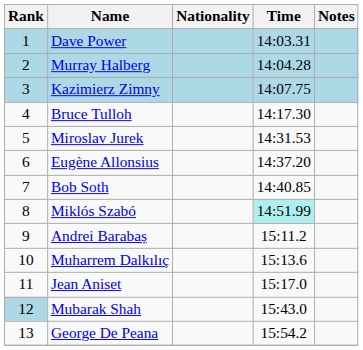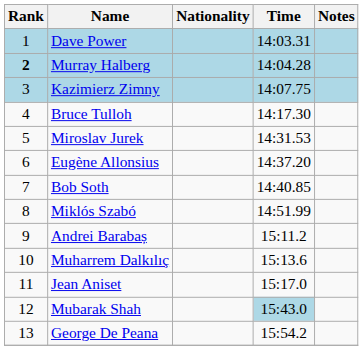 <table class="wikitable sortable" style="text-align:center">
 <tr>
 <th>Rank</th>
 <th>Name</th>
 <th>Nationality</th>
 <th>Time</th>
 <th>Notes</th>
 </tr>
 <tr bgcolor=lightblue>
 <td>1</td>
 <td align=left><a href='#'>Dave Power</a></td>
 <td align=left></td>
 <td>14:03.31</td>
 <td></td>
 </tr>
 <tr bgcolor=lightblue>
-<td>2</td>
+<td><strong>2</strong></td>
 <td align=left><a href='#'>Murray Halberg</a></td>
 <td align=left></td>
 <td>14:04.28</td>
 <td></td>
 </tr>
 <tr bgcolor=lightblue>
 <td>3</td>
 <td align=left><a href='#'>Kazimierz Zimny</a></td>
 <td align=left></td>
 <td>14:07.75</td>
 <td></td>
 </tr>
 <tr>
 <td>4</td>
 <td align=left><a href='#'>Bruce Tulloh</a></td>
 <td align=left></td>
 <td>14:17.30</td>
 <td></td>
 </tr>
 <tr>
 <td>5</td>
 <td align=left><a href='#'>Miroslav Jurek</a></td>
 <td align=left></td>
 <td>14:31.53</td>
 <td></td>
 </tr>
 <tr>
 <td>6</td>
 <td align=left><a href='#'>Eugène Allonsius</a></td>
 <td align=left></td>
 <td>14:37.20</td>
 <td></td>
 </tr>
 <tr>
 <td>7</td>
 <td align=left><a href='#'>Bob Soth</a></td>
 <td align=left></td>
 <td>14:40.85</td>
 <td></td>
 </tr>
 <tr>
 <td>8</td>
 <td align=left><a href='#'>Miklós Szabó</a></td>
 <td align=left></td>
-<td style="background: paleturquoise;">14:51.99</td>
+<td>14:51.99</td>
 <td></td>
 </tr>
 <tr>
 <td>9</td>
 <td align=left><a href='#'>Andrei Barabaș</a></td>
 <td align=left></td>
 <td>15:11.2</td>
 <td></td>
 </tr>
 <tr>
 <td>10</td>
 <td align=left><a href='#'>Muharrem Dalkılıç</a></td>
 <td align=left></td>
 <td>15:13.6</td>
 <td></td>
 </tr>
 <tr>
 <td>11</td>
 <td align=left><a href='#'>Jean Aniset</a></td>
 <td align=left></td>
 <td>15:17.0</td>
 <td></td>
 </tr>
 <tr>
-<td style="background: lightblue;">12</td>
+<td>12</td>
 <td align=left><a href='#'>Mubarak Shah</a></td>
 <td align=left></td>
-<td>15:43.0</td>
+<td style="background: lightblue;">15:43.0</td>
 <td></td>
 </tr>
 <tr>
 <td>13</td>
 <td align=left><a href='#'>George De Peana</a></td>
 <td align=left></td>
 <td>15:54.2</td>
 <td></td>
 </tr>
 <tr>
 </tr>
 </table>
